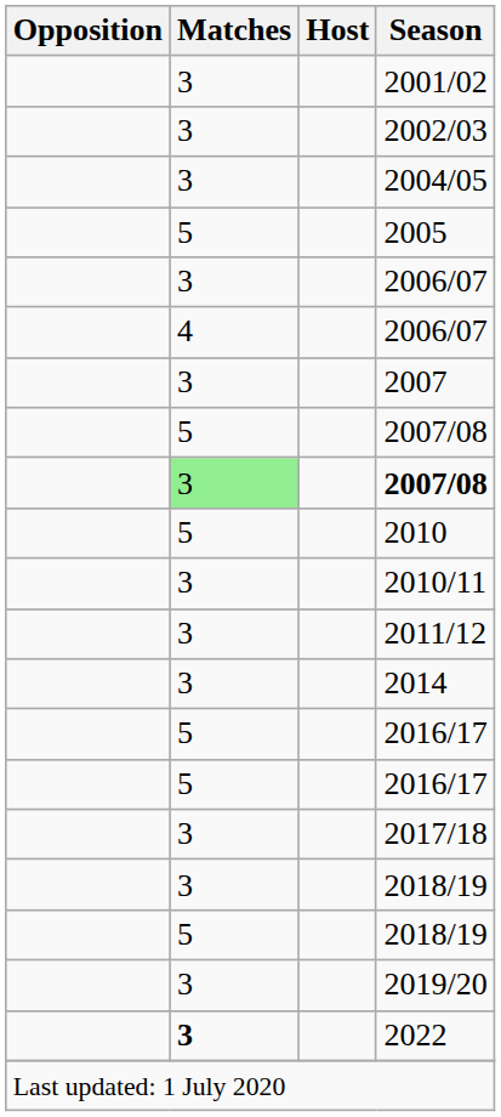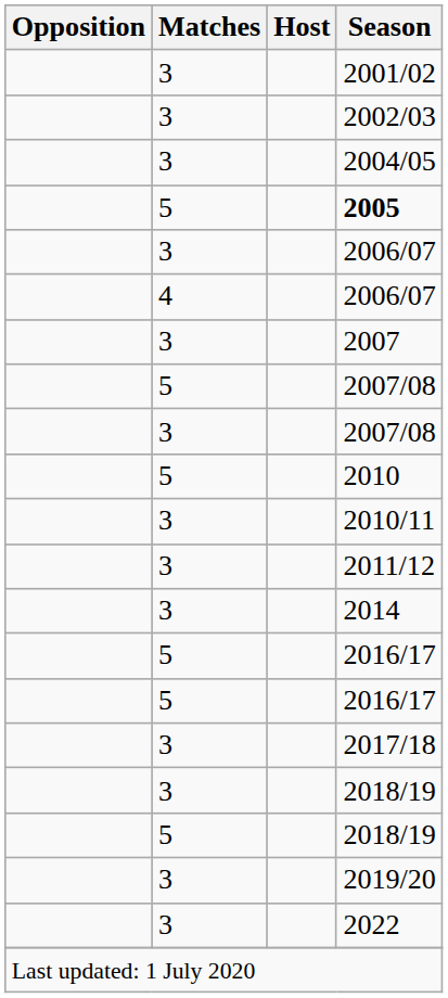 <table class="wikitable plainrowheaders sortable">
 <tr>
 <th scope=col>Opposition</th>
 <th scope=col style="text-align:center">Matches</th>
 <th scope=col>Host</th>
 <th scope=col style="text-align:center">Season</th>
 </tr>
 <tr>
 <td></td>
 <td>3</td>
 <td></td>
 <td>2001/02</td>
 </tr>
 <tr>
 <td></td>
 <td>3</td>
 <td></td>
 <td>2002/03</td>
 </tr>
 <tr>
 <td></td>
 <td>3</td>
 <td></td>
 <td>2004/05</td>
 </tr>
 <tr>
 <td></td>
 <td>5</td>
 <td></td>
-<td>2005</td>
+<td><strong>2005</strong></td>
 </tr>
 <tr>
 <td></td>
 <td>3</td>
 <td></td>
 <td>2006/07</td>
 </tr>
 <tr>
 <td></td>
 <td>4</td>
 <td></td>
 <td>2006/07</td>
 </tr>
 <tr>
 <td></td>
 <td>3</td>
 <td></td>
 <td>2007</td>
 </tr>
 <tr>
 <td></td>
 <td>5</td>
 <td></td>
 <td>2007/08</td>
 </tr>
 <tr>
 <td></td>
-<td style="background: lightgreen;">3</td>
+<td>3</td>
 <td></td>
-<td><strong>2007/08</strong></td>
+<td>2007/08</td>
 </tr>
 <tr>
 <td></td>
 <td>5</td>
 <td></td>
 <td>2010</td>
 </tr>
 <tr>
 <td></td>
 <td>3</td>
 <td></td>
 <td>2010/11</td>
 </tr>
 <tr>
 <td></td>
 <td>3</td>
 <td></td>
 <td>2011/12</td>
 </tr>
 <tr>
 <td></td>
 <td>3</td>
 <td></td>
 <td>2014</td>
 </tr>
 <tr>
 <td></td>
 <td>5</td>
 <td></td>
 <td>2016/17</td>
 </tr>
 <tr>
 <td></td>
 <td>5</td>
 <td></td>
 <td>2016/17</td>
 </tr>
 <tr>
 <td></td>
 <td>3</td>
 <td></td>
 <td>2017/18</td>
 </tr>
 <tr>
 <td></td>
 <td>3</td>
 <td></td>
 <td>2018/19</td>
 </tr>
 <tr>
 <td></td>
 <td>5</td>
 <td></td>
 <td>2018/19</td>
 </tr>
 <tr>
 <td></td>
 <td>3</td>
 <td></td>
 <td>2019/20</td>
 </tr>
 <tr>
 <td></td>
-<td><strong>3</strong></td>
+<td>3</td>
 <td></td>
 <td>2022</td>
 </tr>
 <tr>
 </tr>
 <tr class=sortbottom>
 <td colspan=5><small>Last updated: 1 July 2020</small></td>
 </tr>
 </table>
